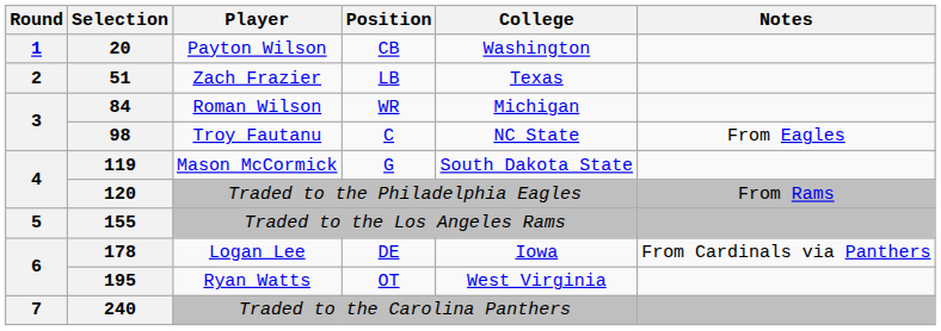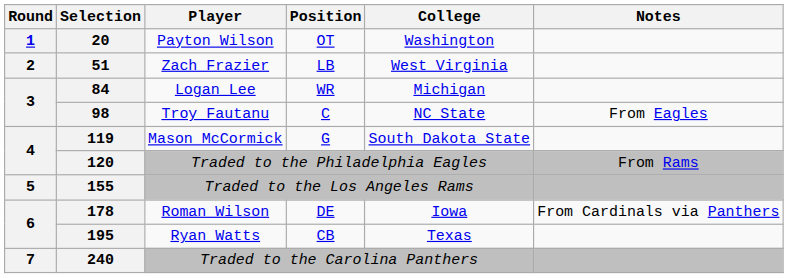 <table class="wikitable" style="text-align:center">
 <tr>
 <th>Round</th>
 <th>Selection</th>
 <th>Player</th>
 <th>Position</th>
 <th>College</th>
 <th>Notes</th>
 </tr>
 <tr>
 <th><a href='#'>1</a></th>
 <th>20</th>
 <td><a href='#'>Payton Wilson</a></td>
-<td><a href='#'>CB</a></td>
+<td><a href='#'>OT</a></td>
 <td><a href='#'>Washington</a></td>
 <td></td>
 </tr>
 <tr>
 <th>2</th>
 <th>51</th>
 <td><a href='#'>Zach Frazier</a></td>
 <td><a href='#'>LB</a></td>
-<td><a href='#'>Texas</a></td>
+<td><a href='#'>West Virginia</a></td>
 <td></td>
 </tr>
 <tr>
 <th rowspan="2">3</th>
 <th>84</th>
-<td><a href='#'>Roman Wilson</a></td>
+<td><a href='#'>Logan Lee</a></td>
 <td><a href='#'>WR</a></td>
 <td><a href='#'>Michigan</a></td>
 <td></td>
 </tr>
 <tr>
 <th>98</th>
 <td><a href='#'>Troy Fautanu</a></td>
 <td><a href='#'>C</a></td>
 <td><a href='#'>NC State</a></td>
 <td>From <a href='#'>Eagles</a></td>
 </tr>
 <tr>
 <th rowspan="2">4</th>
 <th>119</th>
 <td><a href='#'>Mason McCormick</a></td>
 <td><a href='#'>G</a></td>
 <td><a href='#'>South Dakota State</a></td>
 <td></td>
 </tr>
 <tr>
 <th>120</th>
 <td colspan="3" style="background:#BFBFBF"><em>Traded to the Philadelphia Eagles</em></td>
 <td style="background:#BFBFBF">From <a href='#'>Rams</a></td>
 </tr>
 <tr>
 <th>5</th>
 <th>155</th>
 <td colspan="3" style="background:#BFBFBF"><em>Traded to the Los Angeles Rams</em></td>
 <td style="background:#BFBFBF"></td>
 </tr>
 <tr>
 <th rowspan="2">6</th>
 <th>178</th>
-<td><a href='#'>Logan Lee</a></td>
+<td><a href='#'>Roman Wilson</a></td>
 <td><a href='#'>DE</a></td>
 <td><a href='#'>Iowa</a></td>
 <td>From Cardinals via <a href='#'>Panthers</a></td>
 </tr>
 <tr>
 <th>195</th>
 <td><a href='#'>Ryan Watts</a></td>
-<td><a href='#'>OT</a></td>
-<td><a href='#'>West Virginia</a></td>
+<td><a href='#'>CB</a></td>
+<td><a href='#'>Texas</a></td>
 <td></td>
 </tr>
 <tr>
 <th>7</th>
 <th>240</th>
 <td colspan="3" style="background:#BFBFBF"><em>Traded to the Carolina Panthers</em></td>
 <td style="background:#BFBFBF"></td>
 </tr>
 </table>
